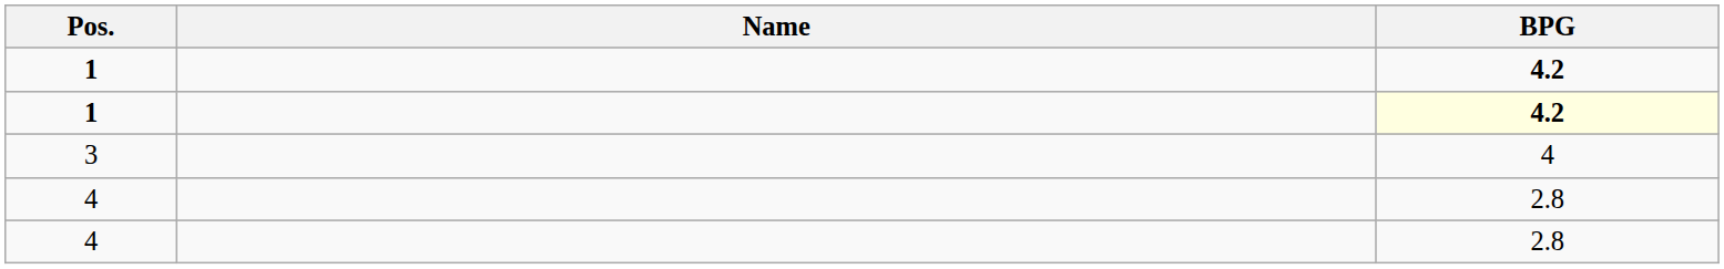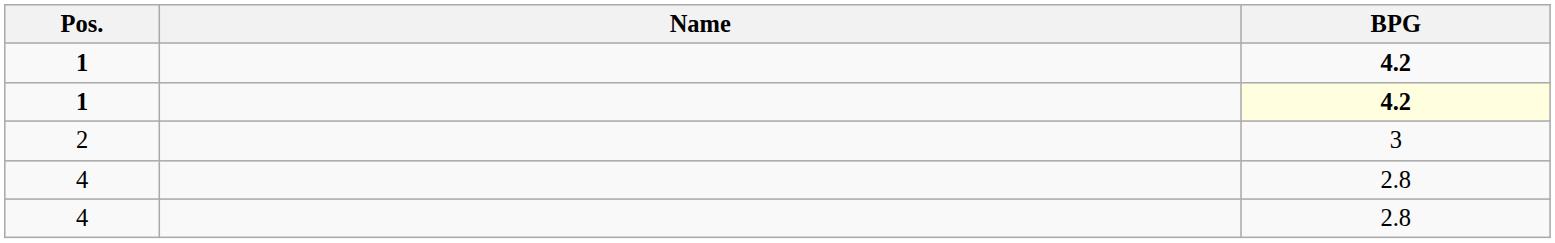 <table class=wikitable width="80%">
 <tr>
 <th width="10%">Pos.</th>
 <th width="70%">Name</th>
 <th width="20%">BPG</th>
 </tr>
 <tr>
 <td align=center><strong>1</strong></td>
 <td><strong></strong></td>
 <td align=center><strong>4.2</strong></td>
 </tr>
 <tr>
 <td align=center><strong>1</strong></td>
 <td><strong></strong></td>
 <td align=center style="background: lightyellow;"><strong>4.2</strong></td>
 </tr>
 <tr>
+<td align=center>2</td>
+<td></td>
 <td align=center>3</td>
-<td></td>
-<td align=center>4</td>
 </tr>
 <tr>
 <td align=center>4</td>
 <td></td>
 <td align=center>2.8</td>
 </tr>
 <tr>
 <td align=center>4</td>
 <td></td>
 <td align=center>2.8</td>
 </tr>
 </table>
